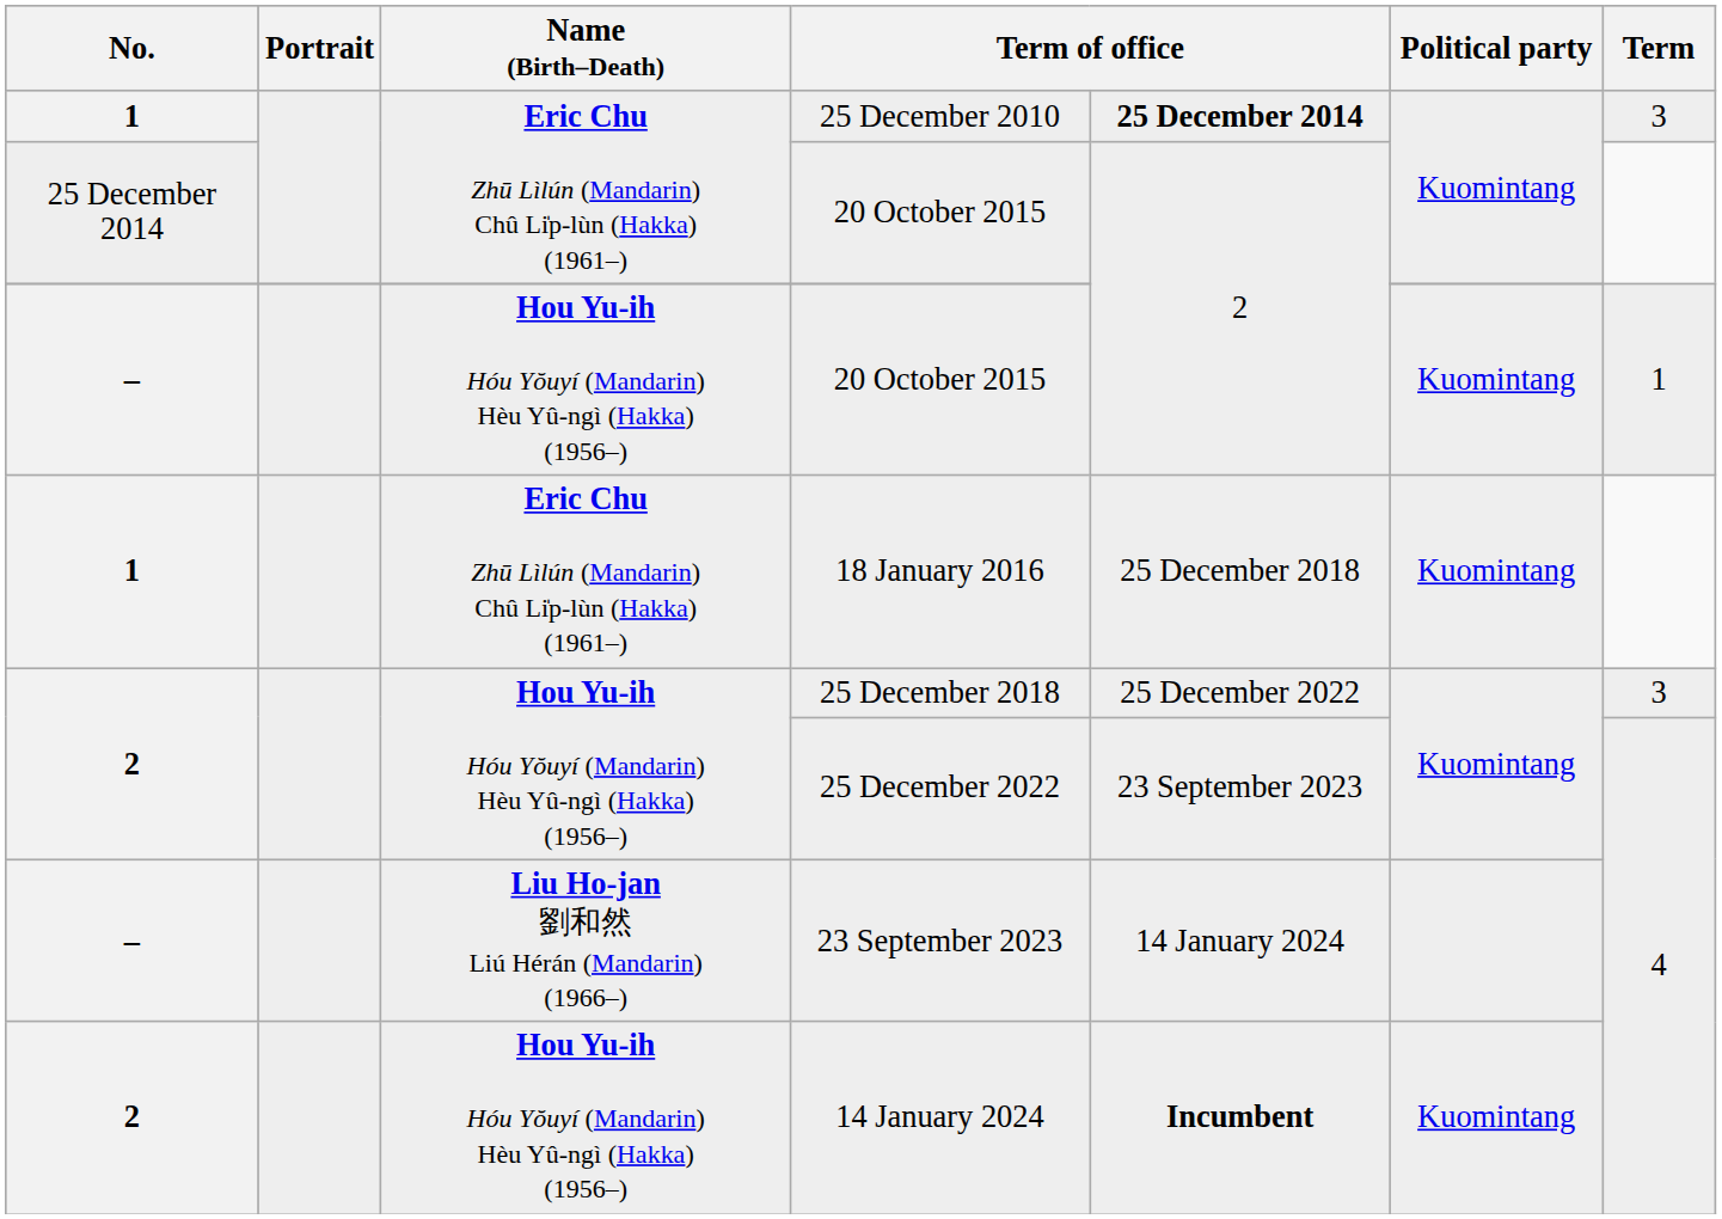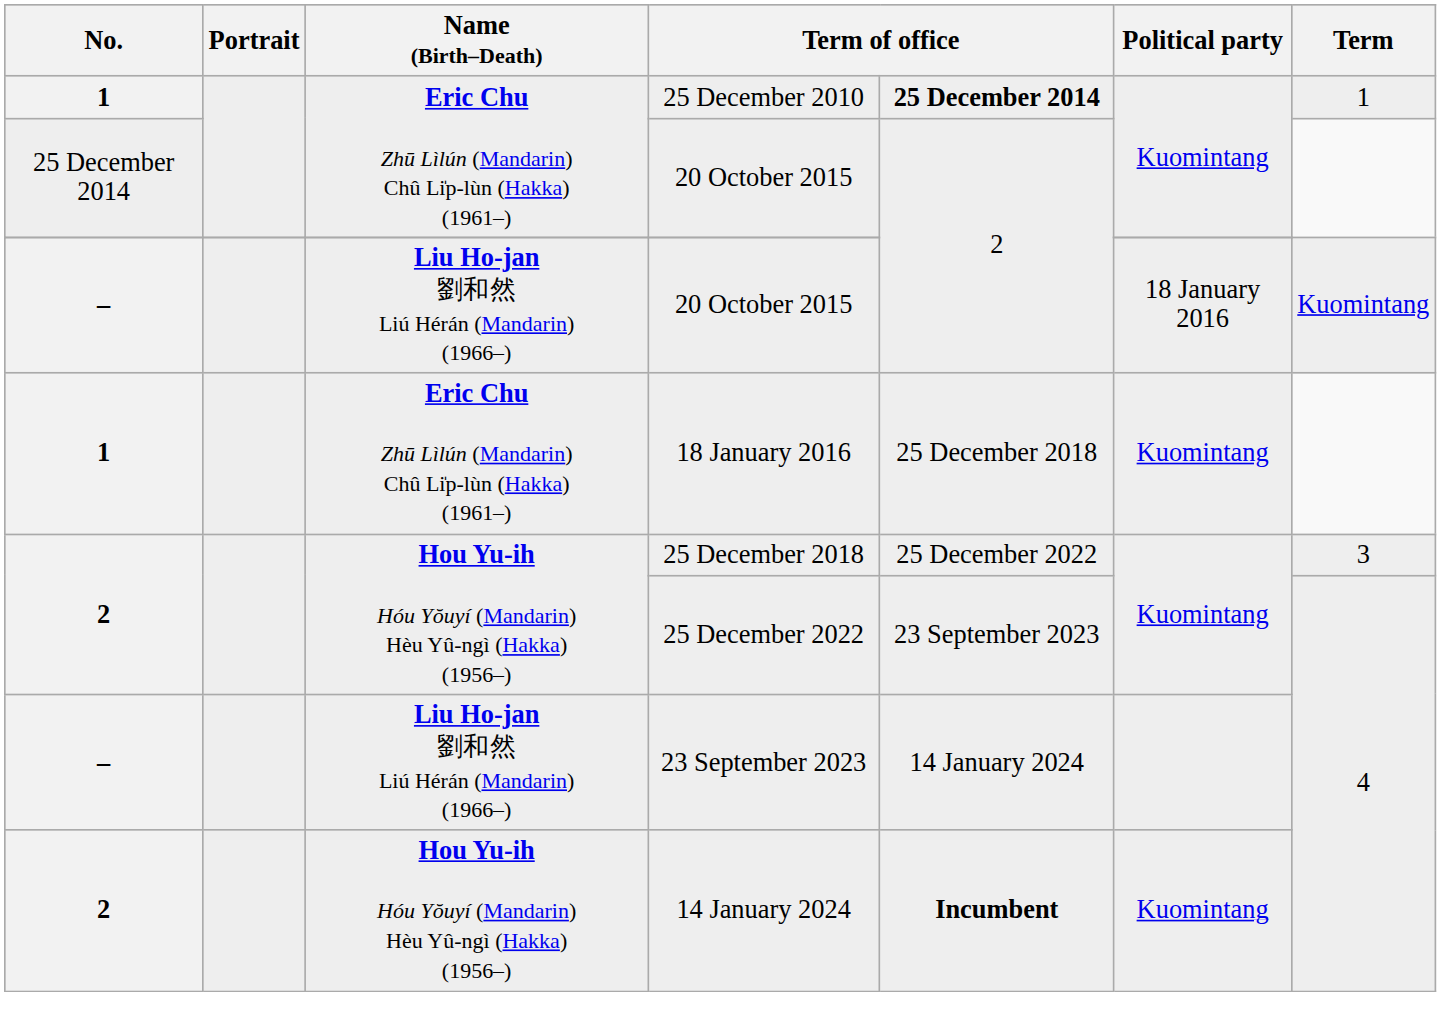 <table class="wikitable" style="text-align:center">
 <tr>
 <th>No.</th>
 <th>Portrait</th>
 <th width="200">Name<br><small>(Birth–Death)</small></th>
 <th colspan=2 width="300">Term of office</th>
 <th width="100">Political party</th>
 <th width = "50">Term</th>
 </tr>
 <tr - bgcolor=#EEEEEE>
 <th style="background:">1</th>
 <td rowspan=2 align=center></td>
 <td rowspan=2 align=center><strong><a href='#'>Eric Chu</a></strong> <br><br><small><em>Zhū Lìlún</em> (<a href='#'>Mandarin</a>)<br>Chû Li̍p-lùn (<a href='#'>Hakka</a>)<br>(1961–)</small></td>
 <td>25 December 2010</td>
 <td><strong>25 December 2014</strong></td>
 <td rowspan=2><a href='#'>Kuomintang</a></td>
-<td>3</td>
+<td>1</td>
 </tr>
 <tr - bgcolor=#EEEEEE>
 <td>25 December 2014</td>
 <td>20 October 2015</td>
 <td rowspan=3>2</td>
 </tr>
 <tr ->
 </tr>
 <tr - bgcolor=#EEEEEE>
 <th style="background:">–</th>
 <td align=center></td>
-<td><strong><a href='#'>Hou Yu-ih</a></strong> <br><br><small><em>Hóu Yŏuyí</em> (<a href='#'>Mandarin</a>)<br>Hèu Yû-ngì (<a href='#'>Hakka</a>)<br>(1956–)</small></td>
+<td><strong><a href='#'>Liu Ho-jan</a></strong><br>劉和然<br><small>Liú Hérán (<a href='#'>Mandarin</a>)<br>(1966–)</small></td>
 <td>20 October 2015</td>
+<td>18 January 2016</td>
 <td><a href='#'>Kuomintang</a></td>
-<td>1</td>
 </tr>
 <tr - bgcolor=#EEEEEE>
 <th style="background:">1</th>
 <td align=center></td>
 <td align=center><strong><a href='#'>Eric Chu</a></strong> <br><br><small><em>Zhū Lìlún</em> (<a href='#'>Mandarin</a>)<br>Chû Li̍p-lùn (<a href='#'>Hakka</a>)<br>(1961–)</small></td>
 <td>18 January 2016</td>
 <td>25 December 2018</td>
 <td><a href='#'>Kuomintang</a></td>
 </tr>
 <tr - bgcolor=#EEEEEE>
 <th rowspan=2 style="background:">2</th>
 <td rowspan="2" align="center"></td>
 <td rowspan="2"><strong><a href='#'>Hou Yu-ih</a></strong> <br><br><small><em>Hóu Yŏuyí</em> (<a href='#'>Mandarin</a>)<br>Hèu Yû-ngì (<a href='#'>Hakka</a>)<br>(1956–)</small></td>
 <td>25 December 2018</td>
 <td>25 December 2022</td>
 <td rowspan="2"><a href='#'>Kuomintang</a></td>
 <td>3</td>
 </tr>
 <tr - bgcolor=#EEEEEE>
 <td>25 December 2022</td>
 <td>23 September 2023</td>
 <td rowspan=3>4</td>
 </tr>
 <tr - bgcolor=#EEEEEE>
 <th style="background:">–</th>
 <td></td>
 <td><strong><a href='#'>Liu Ho-jan</a></strong><br>劉和然<br><small>Liú Hérán (<a href='#'>Mandarin</a>)<br>(1966–)</small></td>
 <td>23 September 2023</td>
 <td>14 January 2024</td>
 <td></td>
 </tr>
 <tr - bgcolor=#EEEEEE>
 <th style="background:">2</th>
 <td align=center></td>
 <td align=center><strong><a href='#'>Hou Yu-ih</a></strong> <br><br><small><em>Hóu Yŏuyí</em> (<a href='#'>Mandarin</a>)<br>Hèu Yû-ngì (<a href='#'>Hakka</a>)<br>(1956–)</small></td>
 <td>14 January 2024</td>
 <td><strong>Incumbent</strong></td>
 <td><a href='#'>Kuomintang</a></td>
 </tr>
 </table>
